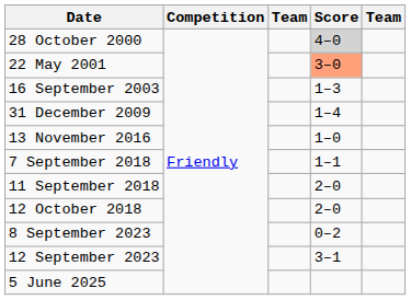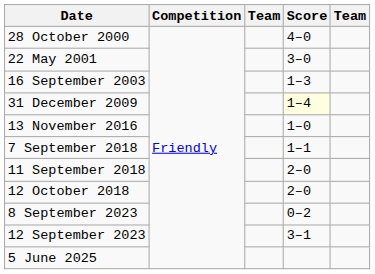 <table class="wikitable">
 <tr>
 <th>Date</th>
 <th>Competition</th>
 <th>Team</th>
 <th>Score</th>
 <th>Team</th>
 </tr>
 <tr>
 <td>28 October 2000</td>
 <td rowspan="11"><a href='#'>Friendly</a></td>
 <td></td>
-<td style="background: lightgrey;">4–0</td>
+<td>4–0</td>
 <td></td>
 </tr>
 <tr>
 <td>22 May 2001</td>
 <td></td>
-<td style="background: lightsalmon;">3–0</td>
+<td>3–0</td>
 <td></td>
 </tr>
 <tr>
 <td>16 September 2003</td>
 <td></td>
 <td>1–3</td>
 <td></td>
 </tr>
 <tr>
 <td>31 December 2009</td>
 <td></td>
-<td>1–4</td>
+<td style="background: lightyellow;">1–4</td>
 <td></td>
 </tr>
 <tr>
 <td>13 November 2016</td>
 <td></td>
 <td>1–0</td>
 <td></td>
 </tr>
 <tr>
 <td>7 September 2018</td>
 <td></td>
 <td>1–1</td>
 <td></td>
 </tr>
 <tr>
 <td>11 September 2018</td>
 <td></td>
 <td>2–0</td>
 <td></td>
 </tr>
 <tr>
 <td>12 October 2018</td>
 <td></td>
 <td>2–0</td>
 <td></td>
 </tr>
 <tr>
 <td>8 September 2023</td>
 <td></td>
 <td>0–2</td>
 <td></td>
 </tr>
 <tr>
 <td>12 September 2023</td>
 <td></td>
 <td>3–1</td>
 <td></td>
 </tr>
 <tr>
 <td>5 June 2025</td>
 <td></td>
 <td></td>
 <td></td>
 </tr>
 </table>
